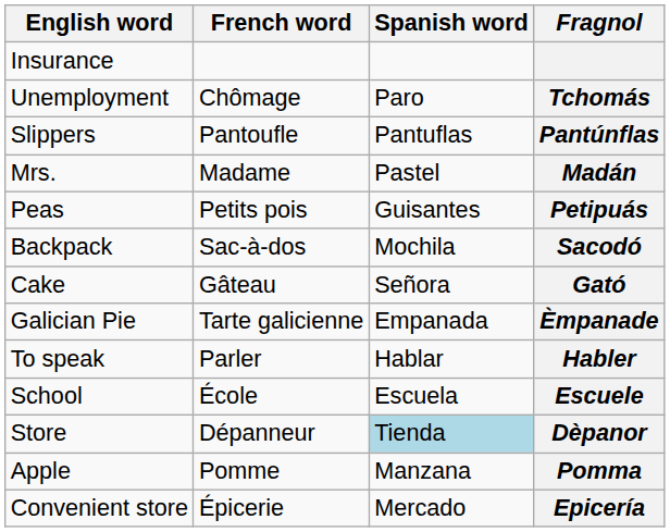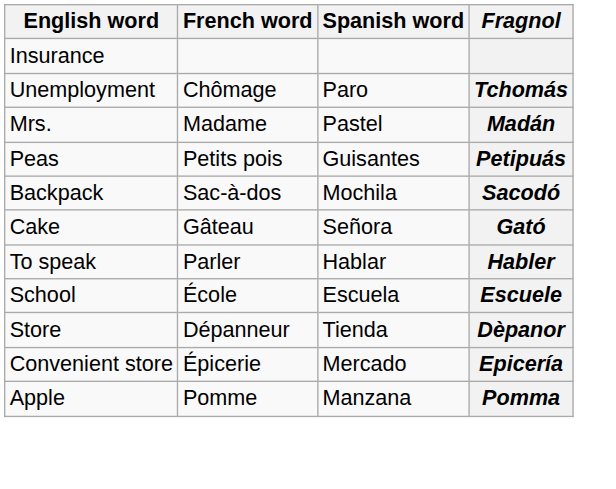 <table class="wikitable">
 <tr>
 <th scope="col">English word</th>
 <th scope="col">French word</th>
 <th scope="col">Spanish word</th>
 <th scope="col"><em>Fragnol</em></th>
 </tr>
 <tr>
 <td>Insurance</td>
 <td></td>
 <td></td>
 <th scope="row"></th>
 </tr>
 <tr>
 <td>Unemployment</td>
 <td>Chômage</td>
 <td>Paro</td>
 <th scope="row"><em>Tchomás</em></th>
-</tr>
-<tr>
-<td>Slippers</td>
-<td>Pantoufle</td>
-<td>Pantuflas</td>
-<th scope="row"><em>Pantúnflas</em></th>
 </tr>
 <tr>
 <td>Mrs.</td>
 <td>Madame</td>
 <td>Pastel</td>
 <th scope="row"><em>Madán</em></th>
 </tr>
 <tr>
 <td>Peas</td>
 <td>Petits pois</td>
 <td>Guisantes</td>
 <th scope="row"><em>Petipuás</em></th>
 </tr>
 <tr>
 <td>Backpack</td>
 <td>Sac-à-dos</td>
 <td>Mochila</td>
 <th scope="row"><em>Sacodó</em></th>
 </tr>
 <tr>
 <td>Cake</td>
 <td>Gâteau</td>
 <td>Señora</td>
 <th scope="row"><em>Gató</em></th>
 </tr>
 <tr>
-<td>Galician Pie</td>
-<td>Tarte galicienne</td>
-<td>Empanada</td>
-<th scope="row"><em>Èmpanade</em></th>
-</tr>
-<tr>
 <td>To speak</td>
 <td>Parler</td>
 <td>Hablar</td>
 <th scope="row"><em>Habler</em></th>
 </tr>
 <tr>
 <td>School</td>
 <td>École</td>
 <td>Escuela</td>
 <th scope="row"><em>Escuele</em></th>
 </tr>
 <tr>
 <td>Store</td>
 <td>Dépanneur</td>
-<td style="background: lightblue;">Tienda</td>
+<td>Tienda</td>
 <th scope="row"><em>Dèpanor</em></th>
+</tr>
+<tr>
+<td>Convenient store</td>
+<td>Épicerie</td>
+<td>Mercado</td>
+<th scope="row"><em>Epicería</em></th>
 </tr>
 <tr>
 <td>Apple</td>
 <td>Pomme</td>
 <td>Manzana</td>
 <th scope="row"><em>Pomma</em></th>
 </tr>
-<tr>
-<td>Convenient store</td>
-<td>Épicerie</td>
-<td>Mercado</td>
-<th scope="row"><em>Epicería</em></th>
-</tr>
 </table>
